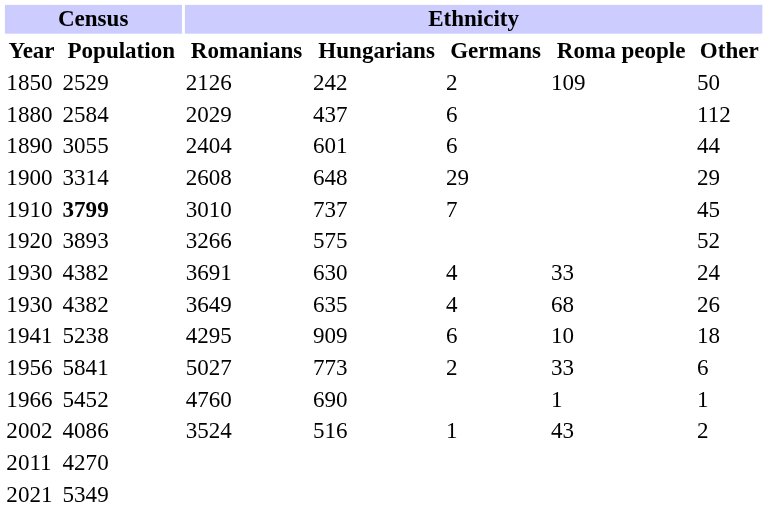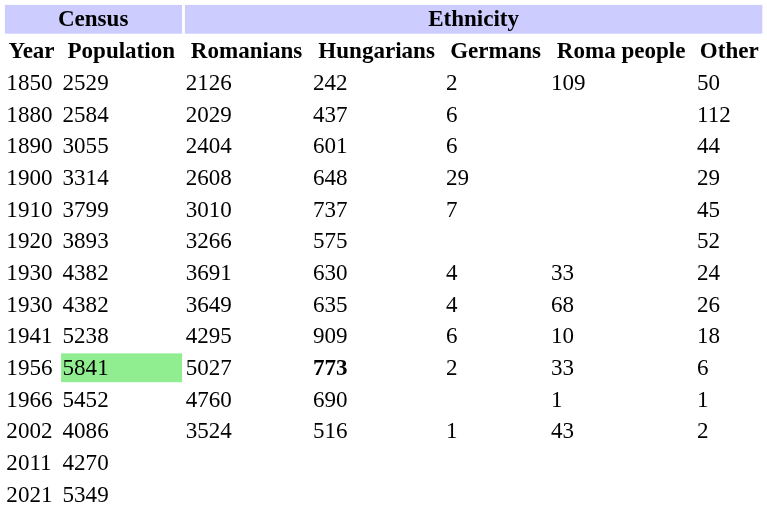 <table class="toccolours" style="margin: 0 1em 0 1em;" width="60%">
 <tr>
 <th align="center" colspan="2" style="background:#ccccff;"><strong>Census</strong></th>
 <th align="center" colspan="7" style="background:#ccccff;"><strong>Ethnicity</strong></th>
 </tr>
 <tr>
 <th><strong>Year</strong></th>
 <th><strong>Population</strong></th>
 <th>Romanians</th>
 <th>Hungarians</th>
 <th>Germans</th>
 <th>Roma people</th>
 <th>Other</th>
 </tr>
 <tr valign="bottom">
 <td Height="12,75">1850</td>
 <td>2529</td>
 <td>2126</td>
 <td>242</td>
 <td>2</td>
 <td>109</td>
 <td>50</td>
 </tr>
 <tr valign="bottom">
 <td Height="12,75">1880</td>
 <td>2584</td>
 <td>2029</td>
 <td>437</td>
 <td>6</td>
 <td></td>
 <td>112</td>
 </tr>
 <tr valign="bottom">
 <td Height="12,75">1890</td>
 <td>3055</td>
 <td>2404</td>
 <td>601</td>
 <td>6</td>
 <td></td>
 <td>44</td>
 </tr>
 <tr valign="bottom">
 <td Height="12,75">1900</td>
 <td>3314</td>
 <td>2608</td>
 <td>648</td>
 <td>29</td>
 <td></td>
 <td>29</td>
 </tr>
 <tr valign="bottom">
 <td Height="12,75">1910</td>
-<td><strong>3799</strong></td>
+<td>3799</td>
 <td>3010</td>
 <td>737</td>
 <td>7</td>
 <td></td>
 <td>45</td>
 </tr>
 <tr valign="bottom">
 <td Height="12,75">1920</td>
 <td>3893</td>
 <td>3266</td>
 <td>575</td>
 <td></td>
 <td></td>
 <td>52</td>
 </tr>
 <tr valign="bottom">
 <td Height="12,75">1930</td>
 <td>4382</td>
 <td>3691</td>
 <td>630</td>
 <td>4</td>
 <td>33</td>
 <td>24</td>
 </tr>
 <tr valign="bottom">
 <td Height="12,75">1930</td>
 <td>4382</td>
 <td>3649</td>
 <td>635</td>
 <td>4</td>
 <td>68</td>
 <td>26</td>
 </tr>
 <tr valign="bottom">
 <td Height="12,75">1941</td>
 <td>5238</td>
 <td>4295</td>
 <td>909</td>
 <td>6</td>
 <td>10</td>
 <td>18</td>
 </tr>
 <tr valign="bottom">
 <td Height="12,75">1956</td>
-<td>5841</td>
+<td style="background: lightgreen;">5841</td>
 <td>5027</td>
-<td>773</td>
+<td><strong>773</strong></td>
 <td>2</td>
 <td>33</td>
 <td>6</td>
 </tr>
 <tr valign="bottom">
 <td Height="12,75">1966</td>
 <td>5452</td>
 <td>4760</td>
 <td>690</td>
 <td></td>
 <td>1</td>
 <td>1</td>
 </tr>
 <tr valign="bottom">
 <td Height="12,75">2002</td>
 <td>4086</td>
 <td>3524</td>
 <td>516</td>
 <td>1</td>
 <td>43</td>
 <td>2</td>
 </tr>
 <tr valign="bottom">
 <td Height="12,75">2011</td>
 <td>4270</td>
 <td></td>
 <td></td>
 <td></td>
 <td></td>
 <td></td>
 </tr>
 <tr valign="bottom">
 <td Height="12,75">2021</td>
 <td>5349</td>
 <td></td>
 <td></td>
 <td></td>
 <td></td>
 <td></td>
 </tr>
 </table>
